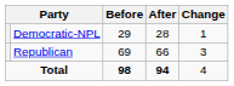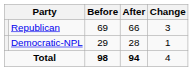 <table class="wikitable" style="text-align:center;">
 <tr>
 <th colspan="2">Party</th>
 <th>Before</th>
 <th>After</th>
 <th>Change</th>
 </tr>
 <tr>
 <th style="background-color:"></th>
+<td style="text-align:left;"><a href='#'>Republican</a></td>
+<td>69</td>
+<td>66</td>
+<td> 3</td>
+</tr>
+<tr>
+<th style="background-color:"></th>
 <td style="text-align:left;"><a href='#'>Democratic-NPL</a></td>
 <td>29</td>
 <td>28</td>
 <td> 1</td>
-</tr>
-<tr>
-<th style="background-color:"></th>
-<td style="text-align:left;"><a href='#'>Republican</a></td>
-<td>69</td>
-<td>66</td>
-<td> 3</td>
 </tr>
 <tr>
 <td colspan="2"><strong>Total</strong></td>
 <td><strong>98</strong></td>
 <td><strong>94</strong></td>
 <td> 4</td>
 </tr>
 </table>
